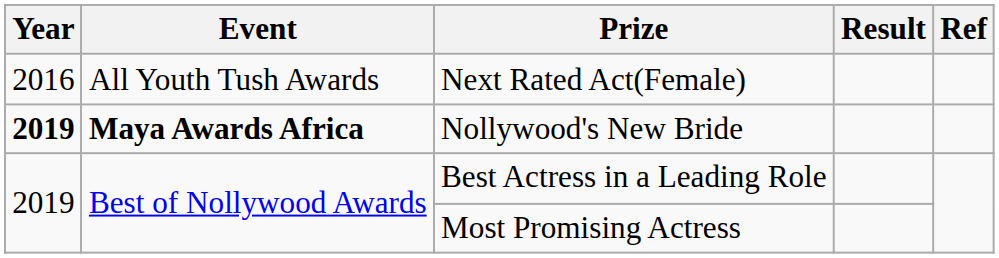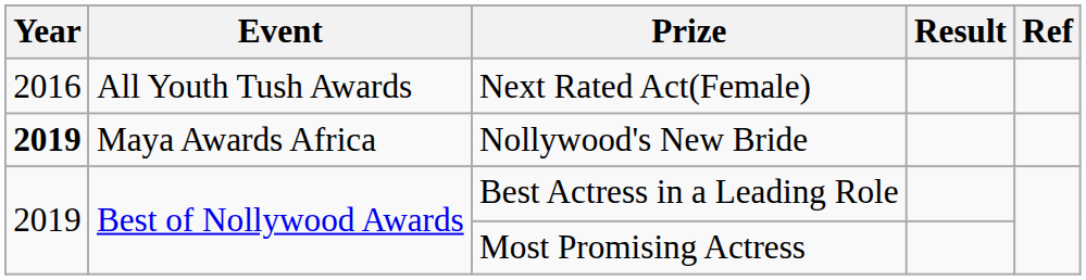 <table class="wikitable">
 <tr>
 <th>Year</th>
 <th>Event</th>
 <th>Prize</th>
 <th>Result</th>
 <th>Ref</th>
 </tr>
 <tr>
 <td>2016</td>
 <td>All Youth Tush Awards</td>
 <td>Next Rated Act(Female)</td>
 <td></td>
 <td></td>
 </tr>
 <tr>
 <td><strong>2019</strong></td>
-<td><strong>Maya Awards Africa</strong></td>
+<td>Maya Awards Africa</td>
 <td>Nollywood's New Bride</td>
 <td></td>
 <td></td>
 </tr>
 <tr>
 <td rowspan="2">2019</td>
 <td rowspan="2"><a href='#'>Best of Nollywood Awards</a></td>
 <td>Best Actress in a Leading Role</td>
 <td></td>
 <td rowspan="2"></td>
 </tr>
 <tr>
 <td>Most Promising Actress</td>
 <td></td>
 </tr>
 </table>
